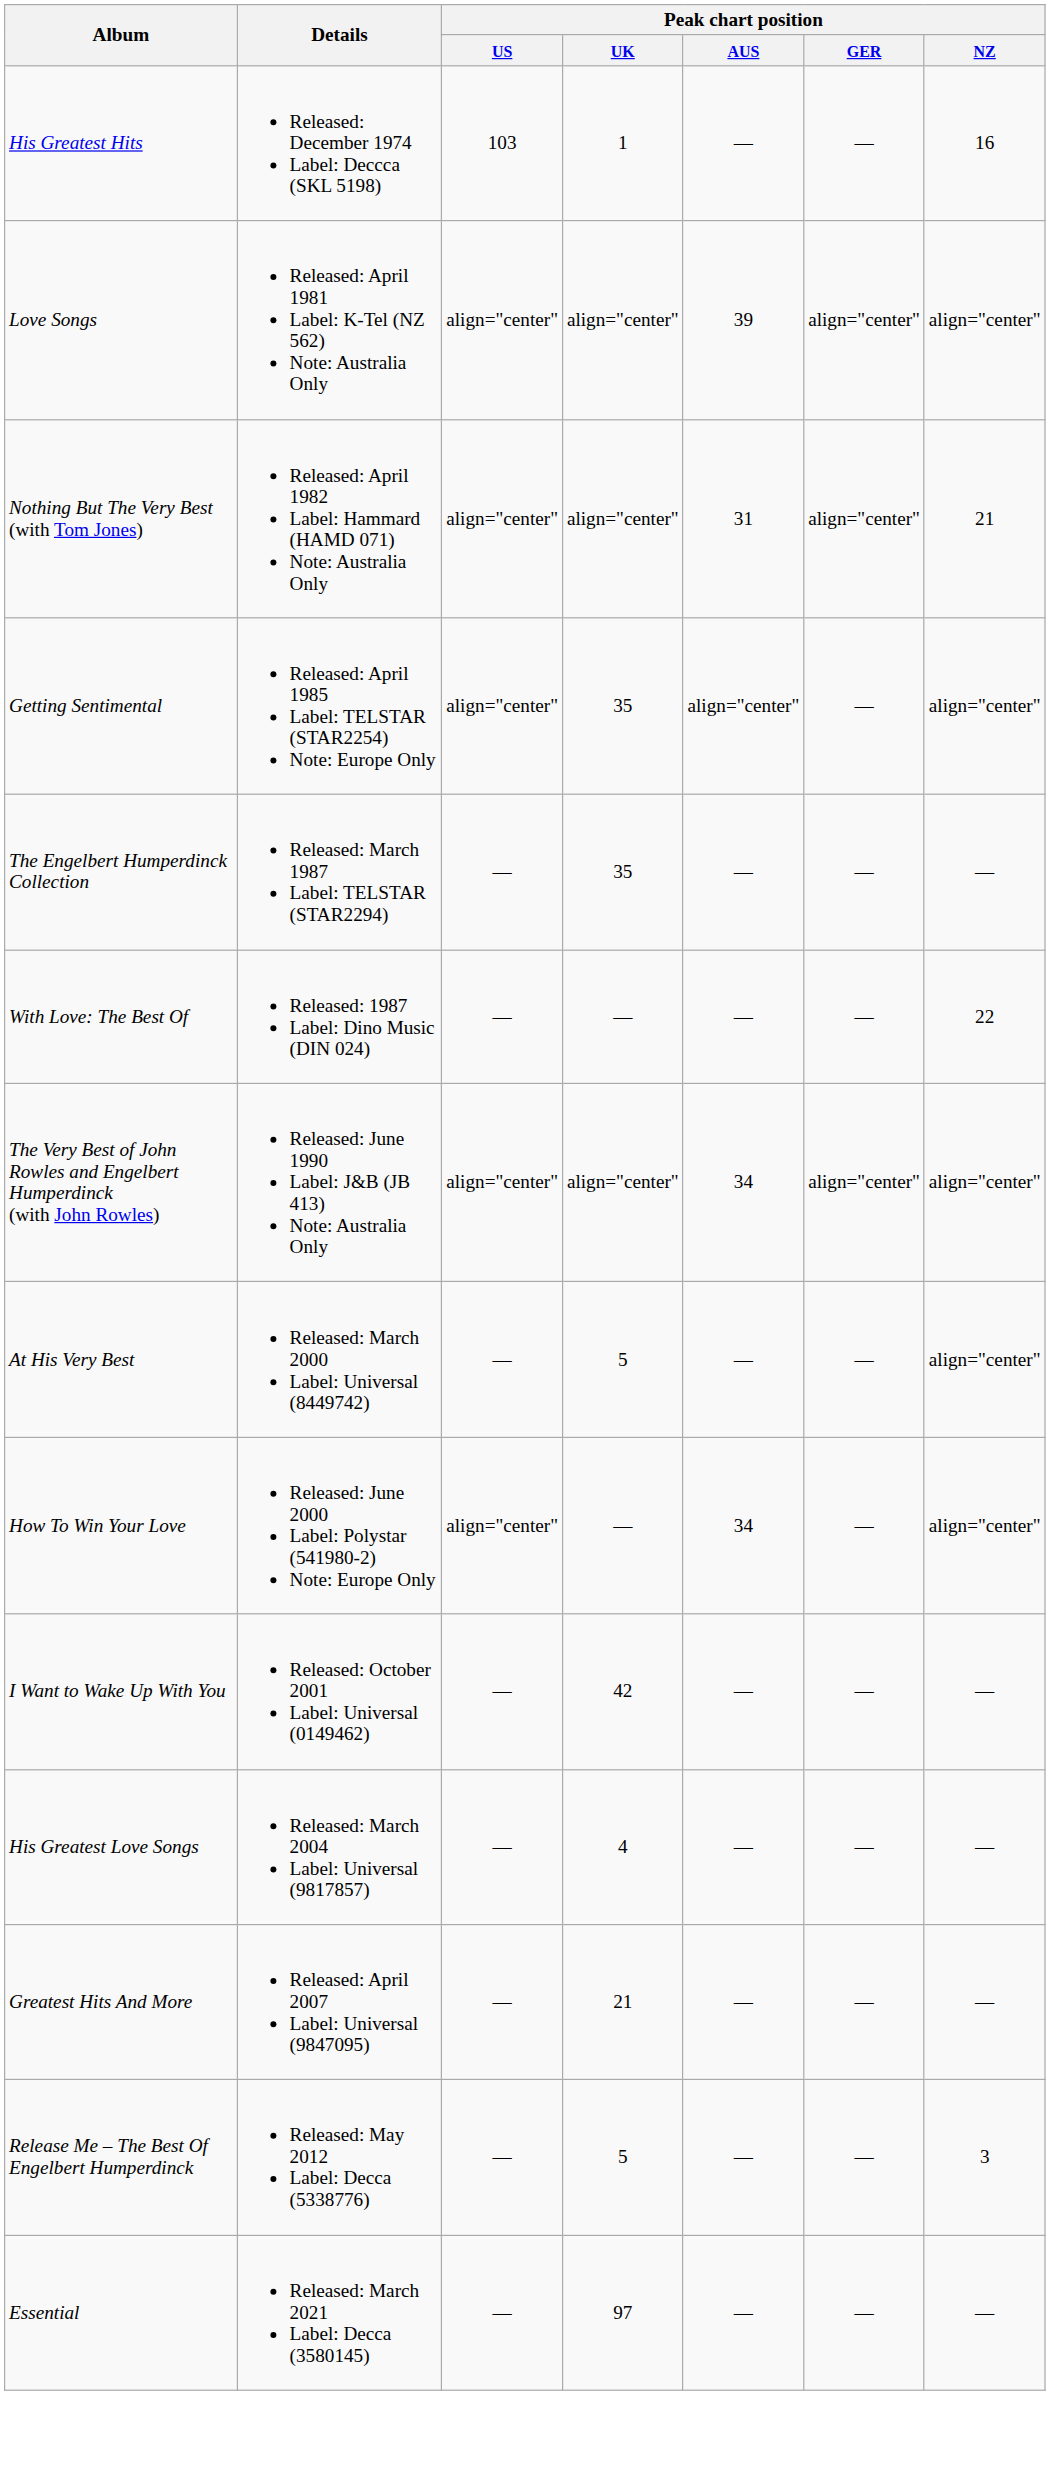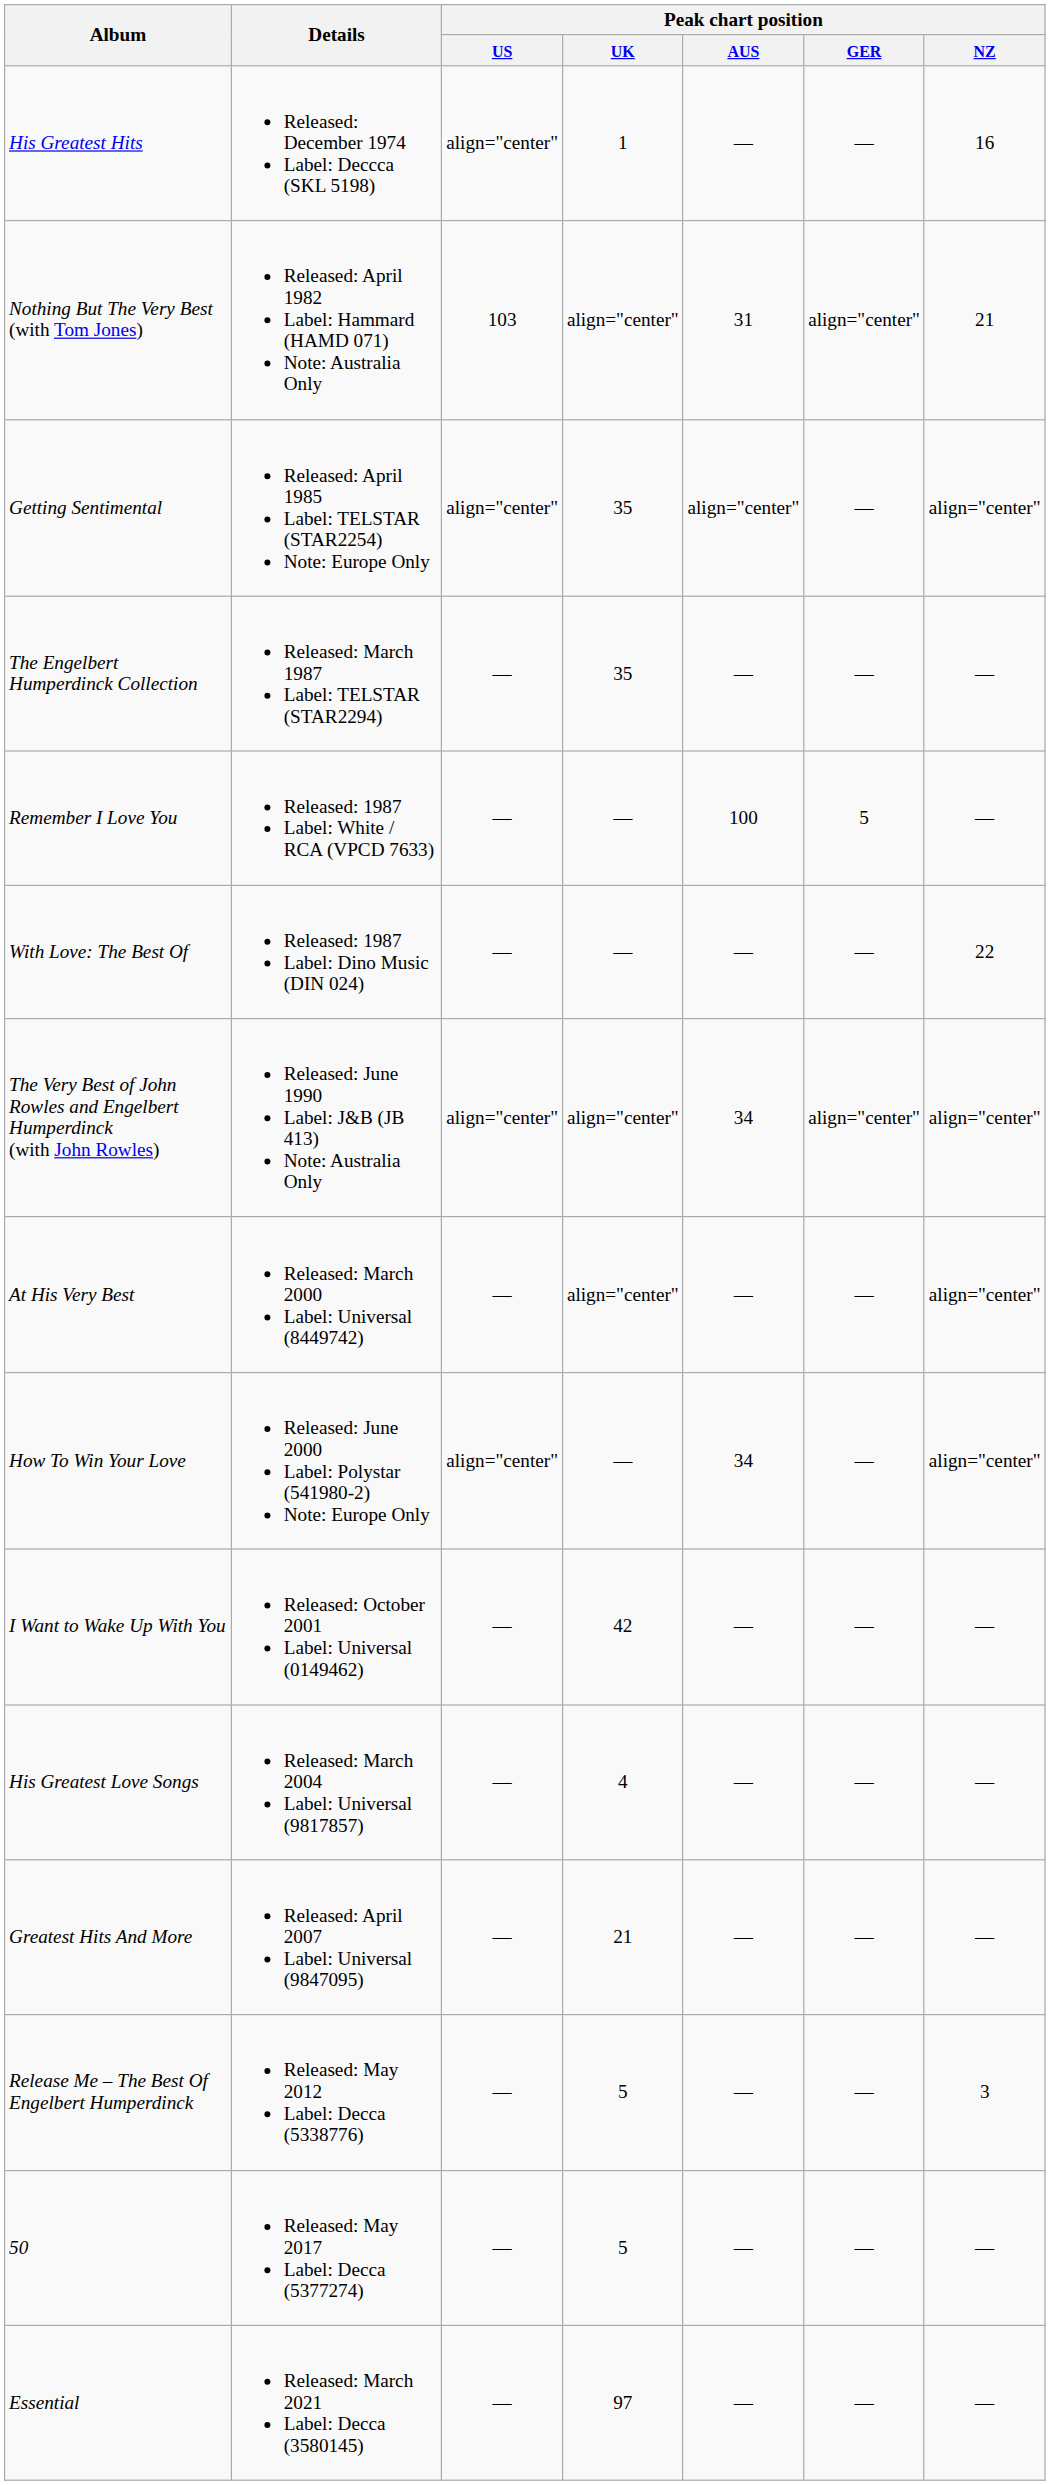 <table class="wikitable">
 <tr>
 <th rowspan="2">Album</th>
 <th rowspan="2">Details</th>
 <th colspan="5">Peak chart position</th>
 </tr>
 <tr>
 <th width="50"><small><a href='#'>US</a></small><br></th>
 <th width="50"><small><a href='#'>UK</a></small><br></th>
 <th width="50"><small><a href='#'>AUS</a></small><br></th>
 <th width="50"><small><a href='#'>GER</a></small><br></th>
 <th width="50"><small><a href='#'>NZ</a></small><br></th>
 </tr>
 <tr>
 <td><em><a href='#'>His Greatest Hits</a></em></td>
 <td><br><ul><li>Released: December 1974</li><li>Label: Deccca (SKL 5198)</li></ul></td>
-<td align="center">103</td>
+<td>align="center"</td>
 <td align="center">1</td>
 <td align="center">—</td>
 <td align="center">—</td>
 <td align="center">16</td>
 </tr>
 <tr>
-<td><em>Love Songs</em></td>
-<td><br><ul><li>Released: April 1981</li><li>Label: K-Tel (NZ 562)</li><li>Note: Australia Only</li></ul></td>
-<td>align="center"</td>
-<td>align="center"</td>
-<td align="center">39</td>
-<td>align="center"</td>
-<td>align="center"</td>
-</tr>
-<tr>
 <td><em>Nothing But The Very Best</em> <br> (with <a href='#'>Tom Jones</a>)</td>
 <td><br><ul><li>Released: April 1982</li><li>Label: Hammard (HAMD 071)</li><li>Note: Australia Only</li></ul></td>
-<td>align="center"</td>
+<td align="center">103</td>
 <td>align="center"</td>
 <td align="center">31</td>
 <td>align="center"</td>
 <td align="center">21</td>
 </tr>
 <tr>
 <td><em>Getting Sentimental</em></td>
 <td><br><ul><li>Released: April 1985</li><li>Label: TELSTAR (STAR2254)</li><li>Note: Europe Only</li></ul></td>
 <td>align="center"</td>
 <td align="center">35</td>
 <td>align="center"</td>
 <td align="center">—</td>
 <td>align="center"</td>
 </tr>
 <tr>
 <td><em>The Engelbert Humperdinck Collection</em></td>
 <td><br><ul><li>Released: March 1987</li><li>Label: TELSTAR (STAR2294)</li></ul></td>
 <td align="center">—</td>
 <td align="center">35</td>
 <td align="center">—</td>
 <td align="center">—</td>
 <td align="center">—</td>
 </tr>
 <tr>
+<td><em>Remember I Love You</em></td>
+<td><br><ul><li>Released: 1987</li><li>Label: White / RCA (VPCD 7633)</li></ul></td>
+<td align="center">—</td>
+<td align="center">—</td>
+<td align="center">100</td>
+<td align="center">5</td>
+<td align="center">—</td>
+</tr>
+<tr>
 <td><em>With Love: The Best Of</em></td>
 <td><br><ul><li>Released: 1987</li><li>Label: Dino Music (DIN 024)</li></ul></td>
 <td align="center">—</td>
 <td align="center">—</td>
 <td align="center">—</td>
 <td align="center">—</td>
 <td align="center">22</td>
 </tr>
 <tr>
 <td><em>The Very Best of John Rowles and Engelbert Humperdinck</em> <br> (with <a href='#'>John Rowles</a>)</td>
 <td><br><ul><li>Released: June 1990</li><li>Label: J&B (JB 413)</li><li>Note: Australia Only</li></ul></td>
 <td>align="center"</td>
 <td>align="center"</td>
 <td align="center">34</td>
 <td>align="center"</td>
 <td>align="center"</td>
 </tr>
 <tr>
 <td><em>At His Very Best</em></td>
 <td><br><ul><li>Released: March 2000</li><li>Label: Universal (8449742)</li></ul></td>
 <td align="center">—</td>
-<td align="center">5</td>
+<td>align="center"</td>
 <td align="center">—</td>
 <td align="center">—</td>
 <td>align="center"</td>
 </tr>
 <tr>
 <td><em>How To Win Your Love</em></td>
 <td><br><ul><li>Released: June 2000</li><li>Label: Polystar (541980-2)</li><li>Note: Europe Only</li></ul></td>
 <td>align="center"</td>
 <td align="center">—</td>
 <td align="center">34</td>
 <td align="center">—</td>
 <td>align="center"</td>
 </tr>
 <tr>
 <td><em>I Want to Wake Up With You</em></td>
 <td><br><ul><li>Released: October 2001</li><li>Label: Universal (0149462)</li></ul></td>
 <td align="center">—</td>
 <td align="center">42</td>
 <td align="center">—</td>
 <td align="center">—</td>
 <td align="center">—</td>
 </tr>
 <tr>
 <td><em>His Greatest Love Songs</em></td>
 <td><br><ul><li>Released: March 2004</li><li>Label: Universal (9817857)</li></ul></td>
 <td align="center">—</td>
 <td align="center">4</td>
 <td align="center">—</td>
 <td align="center">—</td>
 <td align="center">—</td>
 </tr>
 <tr>
 <td><em>Greatest Hits And More</em></td>
 <td><br><ul><li>Released: April 2007</li><li>Label: Universal (9847095)</li></ul></td>
 <td align="center">—</td>
 <td align="center">21</td>
 <td align="center">—</td>
 <td align="center">—</td>
 <td align="center">—</td>
 </tr>
 <tr>
 <td><em>Release Me – The Best Of Engelbert Humperdinck</em></td>
 <td><br><ul><li>Released: May 2012</li><li>Label: Decca (5338776)</li></ul></td>
 <td align="center">—</td>
 <td align="center">5</td>
 <td align="center">—</td>
 <td align="center">—</td>
 <td align="center">3</td>
 </tr>
 <tr>
+<td><em>50</em></td>
+<td><br><ul><li>Released: May 2017</li><li>Label: Decca (5377274)</li></ul></td>
+<td align="center">—</td>
+<td align="center">5</td>
+<td align="center">—</td>
+<td align="center">—</td>
+<td align="center">—</td>
+</tr>
+<tr>
 <td><em>Essential</em></td>
 <td><br><ul><li>Released: March 2021</li><li>Label: Decca (3580145)</li></ul></td>
 <td align="center">—</td>
 <td align="center">97</td>
 <td align="center">—</td>
 <td align="center">—</td>
 <td align="center">—</td>
 </tr>
 </table>
